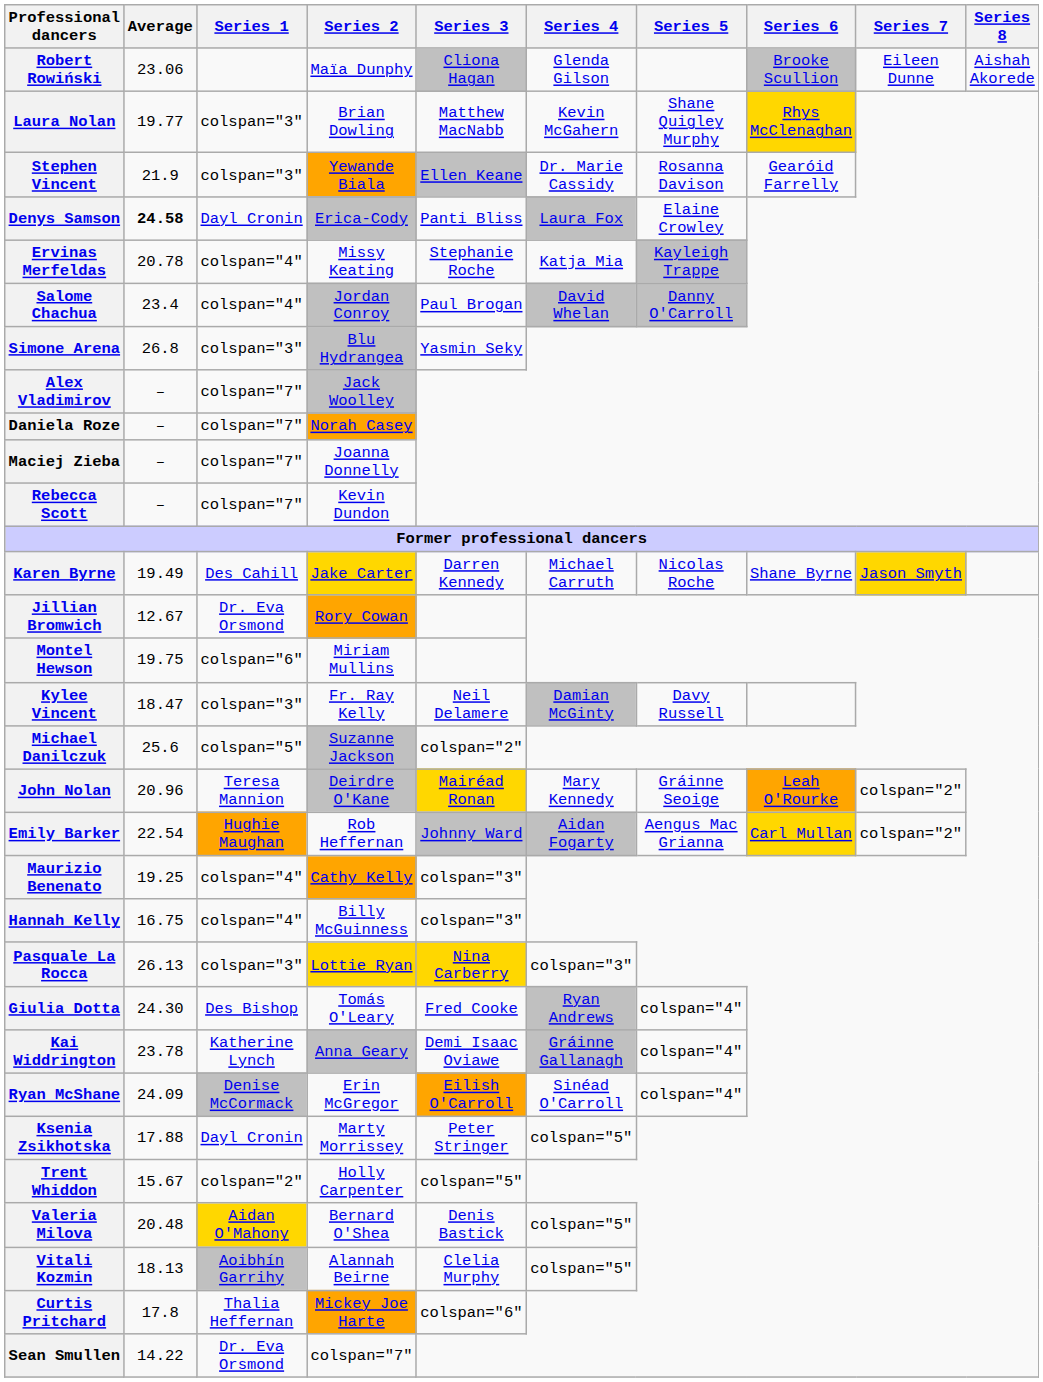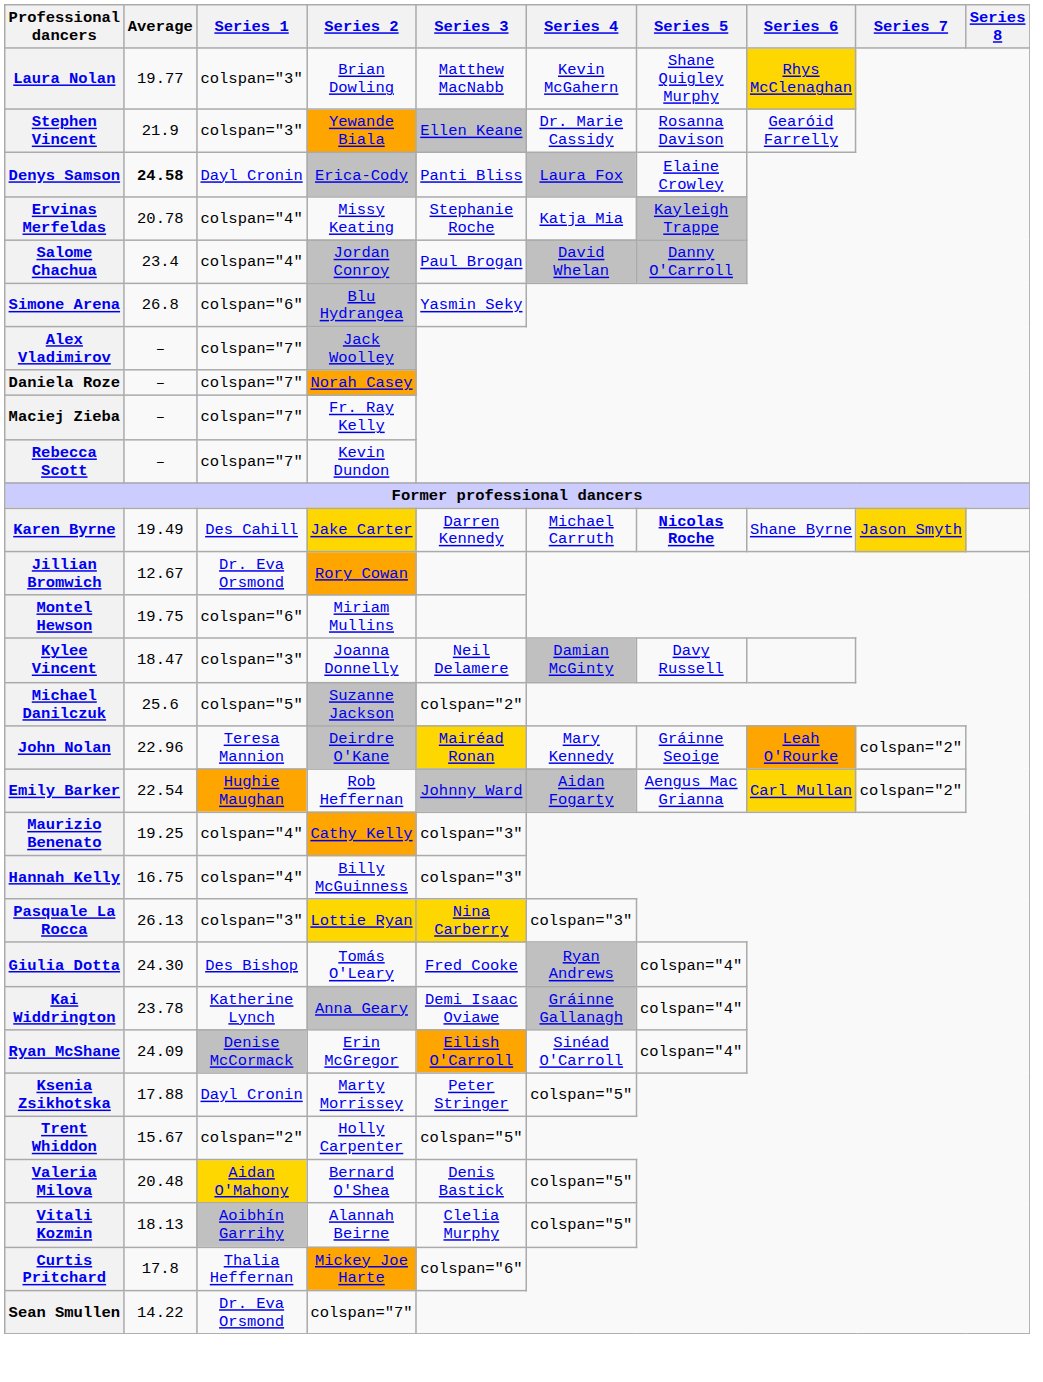 <table class="wikitable sortable collapsible" style="margin:auto; font-size:80%; line-height:12px; text-align:center;">
 <tr>
 <th>Professional dancers</th>
 <th>Average</th>
 <th><a href='#'>Series 1</a></th>
 <th><a href='#'>Series 2</a></th>
 <th><a href='#'>Series 3</a></th>
 <th><a href='#'>Series 4</a></th>
 <th><a href='#'>Series 5</a></th>
 <th><a href='#'>Series 6</a></th>
 <th><a href='#'>Series 7</a></th>
 <th><a href='#'>Series 8</a></th>
-</tr>
-<tr>
-<th><a href='#'>Robert Rowiński</a></th>
-<td>23.06</td>
-<td></td>
-<td><a href='#'>Maïa Dunphy</a></td>
-<td style="background:Silver;"><a href='#'>Cliona Hagan</a></td>
-<td><a href='#'>Glenda Gilson</a></td>
-<td></td>
-<td style="background:Silver;"><a href='#'>Brooke Scullion</a></td>
-<td><a href='#'>Eileen Dunne</a></td>
-<td><a href='#'>Aishah Akorede</a></td>
 </tr>
 <tr>
 <th><a href='#'>Laura Nolan</a></th>
 <td>19.77</td>
 <td>colspan="3" </td>
 <td><a href='#'>Brian Dowling</a></td>
 <td><a href='#'>Matthew MacNabb</a></td>
 <td><a href='#'>Kevin McGahern</a></td>
 <td><a href='#'>Shane Quigley Murphy</a></td>
 <td style="background:gold;"><a href='#'>Rhys McClenaghan</a></td>
 </tr>
 <tr>
 <th><a href='#'>Stephen Vincent</a></th>
 <td>21.9</td>
 <td>colspan="3" </td>
 <td style="background:orange;"><a href='#'>Yewande Biala</a></td>
 <td style="background:Silver;"><a href='#'>Ellen Keane</a></td>
 <td><a href='#'>Dr. Marie Cassidy</a></td>
 <td><a href='#'>Rosanna Davison</a></td>
 <td><a href='#'>Gearóid Farrelly</a></td>
 </tr>
 <tr>
 <th><a href='#'>Denys Samson</a></th>
 <td><strong>24.58</strong></td>
 <td><a href='#'>Dayl Cronin</a></td>
 <td style="background:Silver;"><a href='#'>Erica-Cody</a></td>
 <td><a href='#'>Panti Bliss</a></td>
 <td style="background:Silver;"><a href='#'>Laura Fox</a></td>
 <td><a href='#'>Elaine Crowley</a></td>
 </tr>
 <tr>
 <th><a href='#'>Ervinas Merfeldas</a></th>
 <td>20.78</td>
 <td>colspan="4" </td>
 <td><a href='#'>Missy Keating</a></td>
 <td><a href='#'>Stephanie Roche</a></td>
 <td><a href='#'>Katja Mia</a></td>
 <td style="background:Silver;"><a href='#'>Kayleigh Trappe</a></td>
 </tr>
 <tr>
 <th><a href='#'>Salome Chachua</a></th>
 <td>23.4</td>
 <td>colspan="4" </td>
 <td style="background:Silver;"><a href='#'>Jordan Conroy</a></td>
 <td><a href='#'>Paul Brogan</a></td>
 <td style="background:Silver;"><a href='#'>David Whelan</a></td>
 <td style="background:Silver;"><a href='#'>Danny O'Carroll</a></td>
 </tr>
 <tr>
 <th><a href='#'>Simone Arena</a></th>
 <td>26.8</td>
-<td>colspan="3" </td>
+<td>colspan="6" </td>
 <td style="background:Silver;"><a href='#'>Blu Hydrangea</a></td>
 <td><a href='#'>Yasmin Seky</a></td>
 </tr>
 <tr>
 <th><a href='#'>Alex Vladimirov</a></th>
 <td>–</td>
 <td>colspan="7" </td>
 <td style="background:Silver;"><a href='#'>Jack Woolley</a></td>
 </tr>
 <tr>
 <th>Daniela Roze</th>
 <td>–</td>
 <td>colspan="7" </td>
 <td style="background:orange;"><a href='#'>Norah Casey</a></td>
 </tr>
 <tr>
 <th>Maciej Zieba</th>
 <td>–</td>
 <td>colspan="7" </td>
-<td><a href='#'>Joanna Donnelly</a></td>
+<td><a href='#'>Fr. Ray Kelly</a></td>
 </tr>
 <tr>
 <th><a href='#'>Rebecca Scott</a></th>
 <td>–</td>
 <td>colspan="7" </td>
 <td><a href='#'>Kevin Dundon</a></td>
 </tr>
 <tr>
 <th colspan="10" style="background:#ccf">Former professional dancers</th>
 </tr>
 <tr>
 <th><a href='#'>Karen Byrne</a></th>
 <td>19.49</td>
 <td><a href='#'>Des Cahill</a></td>
 <td style="background:gold;"><a href='#'>Jake Carter</a></td>
 <td><a href='#'>Darren Kennedy</a></td>
 <td><a href='#'>Michael Carruth</a></td>
-<td><a href='#'>Nicolas Roche</a></td>
+<td><strong><a href='#'>Nicolas Roche</a></strong></td>
 <td><a href='#'>Shane Byrne</a></td>
 <td style="background:gold;"><a href='#'>Jason Smyth</a></td>
 <td></td>
 </tr>
 <tr>
 <th><a href='#'>Jillian Bromwich</a></th>
 <td>12.67</td>
 <td><a href='#'>Dr. Eva Orsmond</a></td>
 <td bgcolor="orange"><a href='#'>Rory Cowan</a></td>
 <td></td>
 </tr>
 <tr>
 <th><a href='#'>Montel Hewson</a></th>
 <td>19.75</td>
 <td>colspan="6" </td>
 <td><a href='#'>Miriam Mullins</a></td>
 <td></td>
 </tr>
 <tr>
 <th><a href='#'>Kylee Vincent</a></th>
 <td>18.47</td>
 <td>colspan="3" </td>
-<td><a href='#'>Fr. Ray Kelly</a></td>
+<td><a href='#'>Joanna Donnelly</a></td>
 <td><a href='#'>Neil Delamere</a></td>
 <td style="background:Silver;"><a href='#'>Damian McGinty</a></td>
 <td><a href='#'>Davy Russell</a></td>
 <td></td>
 </tr>
 <tr>
 <th><a href='#'>Michael Danilczuk</a></th>
 <td>25.6</td>
 <td>colspan="5" </td>
 <td style="background:Silver;"><a href='#'>Suzanne Jackson</a></td>
 <td>colspan="2" </td>
 </tr>
 <tr>
 <th><a href='#'>John Nolan</a></th>
-<td>20.96</td>
+<td>22.96</td>
 <td><a href='#'>Teresa Mannion</a></td>
 <td style="background:silver;"><a href='#'>Deirdre O'Kane</a></td>
 <td style="background:Gold;"><a href='#'>Mairéad Ronan</a></td>
 <td><a href='#'>Mary Kennedy</a></td>
 <td><a href='#'>Gráinne Seoige</a></td>
 <td style="background:orange;"><a href='#'>Leah O'Rourke</a></td>
 <td>colspan="2" </td>
 </tr>
 <tr>
 <th><a href='#'>Emily Barker</a></th>
 <td>22.54</td>
 <td style="background:orange;"><a href='#'>Hughie Maughan</a></td>
 <td><a href='#'>Rob Heffernan</a></td>
 <td style="background:Silver;"><a href='#'>Johnny Ward</a></td>
 <td style="background:Silver;"><a href='#'>Aidan Fogarty</a></td>
 <td><a href='#'>Aengus Mac Grianna</a></td>
 <td style="background:gold;"><a href='#'>Carl Mullan</a></td>
 <td>colspan="2" </td>
 </tr>
 <tr>
 <th><a href='#'>Maurizio Benenato</a></th>
 <td>19.25</td>
 <td>colspan="4" </td>
 <td style="background:orange;"><a href='#'>Cathy Kelly</a></td>
 <td>colspan="3" </td>
 </tr>
 <tr>
 <th><a href='#'>Hannah Kelly</a></th>
 <td>16.75</td>
 <td>colspan="4" </td>
 <td><a href='#'>Billy McGuinness</a></td>
 <td>colspan="3" </td>
 </tr>
 <tr>
 <th><a href='#'>Pasquale La Rocca</a></th>
 <td>26.13</td>
 <td>colspan="3" </td>
 <td style="background:Gold;"><a href='#'>Lottie Ryan</a></td>
 <td style="background:Gold;"><a href='#'>Nina Carberry</a></td>
 <td>colspan="3" </td>
 </tr>
 <tr>
 <th><a href='#'>Giulia Dotta</a></th>
 <td>24.30</td>
 <td><a href='#'>Des Bishop</a></td>
 <td><a href='#'>Tomás O'Leary</a></td>
 <td><a href='#'>Fred Cooke</a></td>
 <td style="background:Silver;"><a href='#'>Ryan Andrews</a></td>
 <td>colspan="4" </td>
 </tr>
 <tr>
 <th><a href='#'>Kai Widdrington</a></th>
 <td>23.78</td>
 <td><a href='#'>Katherine Lynch</a></td>
 <td style="background:silver;"><a href='#'>Anna Geary</a></td>
 <td><a href='#'>Demi Isaac Oviawe</a></td>
 <td style="background:Silver;"><a href='#'>Gráinne Gallanagh</a></td>
 <td>colspan="4" </td>
 </tr>
 <tr>
 <th><a href='#'>Ryan McShane</a></th>
 <td>24.09</td>
 <td style="background:silver;"><a href='#'>Denise McCormack</a></td>
 <td><a href='#'>Erin McGregor</a></td>
 <td style="background:orange;"><a href='#'>Eilish O'Carroll</a></td>
 <td><a href='#'>Sinéad O'Carroll</a></td>
 <td>colspan="4" </td>
 </tr>
 <tr>
 <th><a href='#'>Ksenia Zsikhotska</a></th>
 <td>17.88</td>
 <td><a href='#'>Dayl Cronin</a></td>
 <td><a href='#'>Marty Morrissey</a></td>
 <td><a href='#'>Peter Stringer</a></td>
 <td>colspan="5" </td>
 </tr>
 <tr>
 <th><a href='#'>Trent Whiddon</a></th>
 <td>15.67</td>
 <td>colspan="2" </td>
 <td><a href='#'>Holly Carpenter</a></td>
 <td>colspan="5" </td>
 </tr>
 <tr>
 <th><a href='#'>Valeria Milova</a></th>
 <td>20.48</td>
 <td style="background:gold;"><a href='#'>Aidan O'Mahony</a></td>
 <td><a href='#'>Bernard O'Shea</a></td>
 <td><a href='#'>Denis Bastick</a></td>
 <td>colspan="5" </td>
 </tr>
 <tr>
 <th><a href='#'>Vitali Kozmin</a></th>
 <td>18.13</td>
 <td style="background:silver;"><a href='#'>Aoibhín Garrihy</a></td>
 <td><a href='#'>Alannah Beirne</a></td>
 <td><a href='#'>Clelia Murphy</a></td>
 <td>colspan="5" </td>
 </tr>
 <tr>
 <th><a href='#'>Curtis Pritchard</a></th>
 <td>17.8</td>
 <td><a href='#'>Thalia Heffernan</a></td>
 <td style="background:orange;"><a href='#'>Mickey Joe Harte</a></td>
 <td>colspan="6" </td>
 </tr>
 <tr>
 <th>Sean Smullen</th>
 <td>14.22</td>
 <td><a href='#'>Dr. Eva Orsmond</a></td>
 <td>colspan="7" </td>
 </tr>
 </table>
